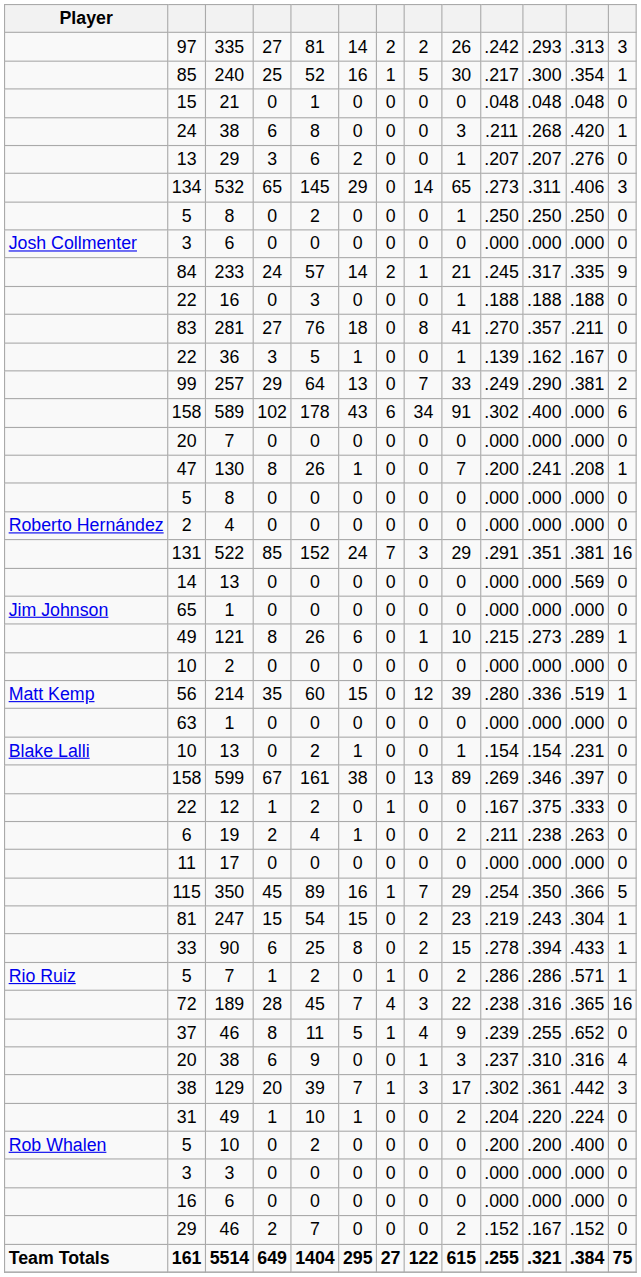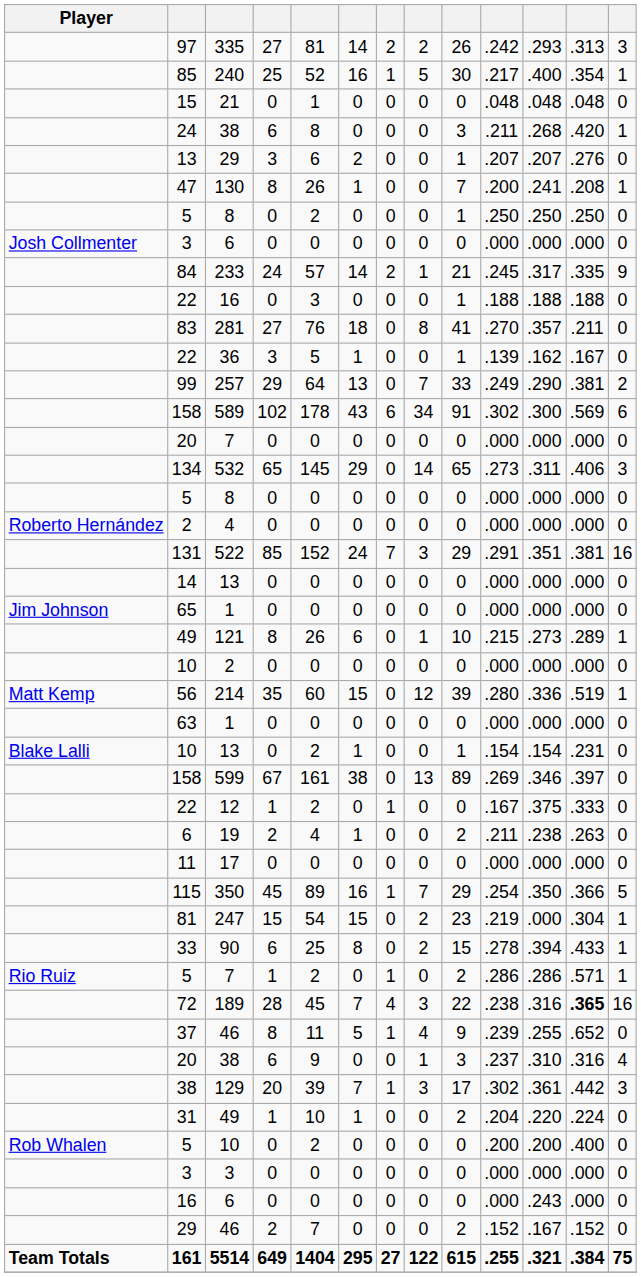 <table class="wikitable sortable" style="text-align:center;">
 <tr>
 <th>Player</th>
 <th></th>
 <th></th>
 <th></th>
 <th></th>
 <th></th>
 <th></th>
 <th></th>
 <th></th>
 <th></th>
 <th></th>
 <th></th>
 <th></th>
 </tr>
 <tr>
 <td align=left></td>
 <td>97</td>
 <td>335</td>
 <td>27</td>
 <td>81</td>
 <td>14</td>
 <td>2</td>
 <td>2</td>
 <td>26</td>
 <td>.242</td>
 <td>.293</td>
 <td>.313</td>
 <td>3</td>
 </tr>
 <tr>
 <td align=left></td>
 <td>85</td>
 <td>240</td>
 <td>25</td>
 <td>52</td>
 <td>16</td>
 <td>1</td>
 <td>5</td>
 <td>30</td>
 <td>.217</td>
-<td>.300</td>
+<td>.400</td>
 <td>.354</td>
 <td>1</td>
 </tr>
 <tr>
 <td align=left></td>
 <td>15</td>
 <td>21</td>
 <td>0</td>
 <td>1</td>
 <td>0</td>
 <td>0</td>
 <td>0</td>
 <td>0</td>
 <td>.048</td>
 <td>.048</td>
 <td>.048</td>
 <td>0</td>
 </tr>
 <tr>
 <td align=left></td>
 <td>24</td>
 <td>38</td>
 <td>6</td>
 <td>8</td>
 <td>0</td>
 <td>0</td>
 <td>0</td>
 <td>3</td>
 <td>.211</td>
 <td>.268</td>
 <td>.420</td>
 <td>1</td>
 </tr>
 <tr>
 <td align=left></td>
 <td>13</td>
 <td>29</td>
 <td>3</td>
 <td>6</td>
 <td>2</td>
 <td>0</td>
 <td>0</td>
 <td>1</td>
 <td>.207</td>
 <td>.207</td>
 <td>.276</td>
 <td>0</td>
 </tr>
 <tr>
 <td align=left></td>
-<td>134</td>
-<td>532</td>
-<td>65</td>
-<td>145</td>
-<td>29</td>
+<td>47</td>
+<td>130</td>
+<td>8</td>
+<td>26</td>
+<td>1</td>
 <td>0</td>
-<td>14</td>
-<td>65</td>
-<td>.273</td>
-<td>.311</td>
-<td>.406</td>
-<td>3</td>
+<td>0</td>
+<td>7</td>
+<td>.200</td>
+<td>.241</td>
+<td>.208</td>
+<td>1</td>
 </tr>
 <tr>
 <td align=left><strong></strong></td>
 <td>5</td>
 <td>8</td>
 <td>0</td>
 <td>2</td>
 <td>0</td>
 <td>0</td>
 <td>0</td>
 <td>1</td>
 <td>.250</td>
 <td>.250</td>
 <td>.250</td>
 <td>0</td>
 </tr>
 <tr>
 <td align=left><a href='#'>Josh Collmenter</a></td>
 <td>3</td>
 <td>6</td>
 <td>0</td>
 <td>0</td>
 <td>0</td>
 <td>0</td>
 <td>0</td>
 <td>0</td>
 <td>.000</td>
 <td>.000</td>
 <td>.000</td>
 <td>0</td>
 </tr>
 <tr>
 <td align=left></td>
 <td>84</td>
 <td>233</td>
 <td>24</td>
 <td>57</td>
 <td>14</td>
 <td>2</td>
 <td>1</td>
 <td>21</td>
 <td>.245</td>
 <td>.317</td>
 <td>.335</td>
 <td>9</td>
 </tr>
 <tr>
 <td align=left></td>
 <td>22</td>
 <td>16</td>
 <td>0</td>
 <td>3</td>
 <td>0</td>
 <td>0</td>
 <td>0</td>
 <td>1</td>
 <td>.188</td>
 <td>.188</td>
 <td>.188</td>
 <td>0</td>
 </tr>
 <tr>
 <td align=left></td>
 <td>83</td>
 <td>281</td>
 <td>27</td>
 <td>76</td>
 <td>18</td>
 <td>0</td>
 <td>8</td>
 <td>41</td>
 <td>.270</td>
 <td>.357</td>
 <td>.211</td>
 <td>0</td>
 </tr>
 <tr>
 <td align=left></td>
 <td>22</td>
 <td>36</td>
 <td>3</td>
 <td>5</td>
 <td>1</td>
 <td>0</td>
 <td>0</td>
 <td>1</td>
 <td>.139</td>
 <td>.162</td>
 <td>.167</td>
 <td>0</td>
 </tr>
 <tr>
 <td align=left></td>
 <td>99</td>
 <td>257</td>
 <td>29</td>
 <td>64</td>
 <td>13</td>
 <td>0</td>
 <td>7</td>
 <td>33</td>
 <td>.249</td>
 <td>.290</td>
 <td>.381</td>
 <td>2</td>
 </tr>
 <tr>
 <td align=left><strong></strong></td>
 <td>158</td>
 <td>589</td>
 <td>102</td>
 <td>178</td>
 <td>43</td>
 <td>6</td>
 <td>34</td>
 <td>91</td>
 <td>.302</td>
-<td>.400</td>
-<td>.000</td>
+<td>.300</td>
+<td>.569</td>
 <td>6</td>
 </tr>
 <tr>
 <td align=left></td>
 <td>20</td>
 <td>7</td>
 <td>0</td>
 <td>0</td>
 <td>0</td>
 <td>0</td>
 <td>0</td>
 <td>0</td>
 <td>.000</td>
 <td>.000</td>
 <td>.000</td>
 <td>0</td>
 </tr>
 <tr>
 <td align=left></td>
-<td>47</td>
-<td>130</td>
-<td>8</td>
-<td>26</td>
-<td>1</td>
+<td>134</td>
+<td>532</td>
+<td>65</td>
+<td>145</td>
+<td>29</td>
 <td>0</td>
-<td>0</td>
-<td>7</td>
-<td>.200</td>
-<td>.241</td>
-<td>.208</td>
-<td>1</td>
+<td>14</td>
+<td>65</td>
+<td>.273</td>
+<td>.311</td>
+<td>.406</td>
+<td>3</td>
 </tr>
 <tr>
 <td align=left></td>
 <td>5</td>
 <td>8</td>
 <td>0</td>
 <td>0</td>
 <td>0</td>
 <td>0</td>
 <td>0</td>
 <td>0</td>
 <td>.000</td>
 <td>.000</td>
 <td>.000</td>
 <td>0</td>
 </tr>
 <tr>
 <td align=left><a href='#'>Roberto Hernández</a></td>
 <td>2</td>
 <td>4</td>
 <td>0</td>
 <td>0</td>
 <td>0</td>
 <td>0</td>
 <td>0</td>
 <td>0</td>
 <td>.000</td>
 <td>.000</td>
 <td>.000</td>
 <td>0</td>
 </tr>
 <tr>
 <td align=left><strong></strong></td>
 <td>131</td>
 <td>522</td>
 <td>85</td>
 <td>152</td>
 <td>24</td>
 <td>7</td>
 <td>3</td>
 <td>29</td>
 <td>.291</td>
 <td>.351</td>
 <td>.381</td>
 <td>16</td>
 </tr>
 <tr>
 <td align=left></td>
 <td>14</td>
 <td>13</td>
 <td>0</td>
 <td>0</td>
 <td>0</td>
 <td>0</td>
 <td>0</td>
 <td>0</td>
 <td>.000</td>
 <td>.000</td>
-<td>.569</td>
+<td>.000</td>
 <td>0</td>
 </tr>
 <tr>
 <td align=left><a href='#'>Jim Johnson</a></td>
 <td>65</td>
 <td>1</td>
 <td>0</td>
 <td>0</td>
 <td>0</td>
 <td>0</td>
 <td>0</td>
 <td>0</td>
 <td>.000</td>
 <td>.000</td>
 <td>.000</td>
 <td>0</td>
 </tr>
 <tr>
 <td align=left></td>
 <td>49</td>
 <td>121</td>
 <td>8</td>
 <td>26</td>
 <td>6</td>
 <td>0</td>
 <td>1</td>
 <td>10</td>
 <td>.215</td>
 <td>.273</td>
 <td>.289</td>
 <td>1</td>
 </tr>
 <tr>
 <td align=left></td>
 <td>10</td>
 <td>2</td>
 <td>0</td>
 <td>0</td>
 <td>0</td>
 <td>0</td>
 <td>0</td>
 <td>0</td>
 <td>.000</td>
 <td>.000</td>
 <td>.000</td>
 <td>0</td>
 </tr>
 <tr>
 <td align=left><a href='#'>Matt Kemp</a></td>
 <td>56</td>
 <td>214</td>
 <td>35</td>
 <td>60</td>
 <td>15</td>
 <td>0</td>
 <td>12</td>
 <td>39</td>
 <td>.280</td>
 <td>.336</td>
 <td>.519</td>
 <td>1</td>
 </tr>
 <tr>
 <td align=left></td>
 <td>63</td>
 <td>1</td>
 <td>0</td>
 <td>0</td>
 <td>0</td>
 <td>0</td>
 <td>0</td>
 <td>0</td>
 <td>.000</td>
 <td>.000</td>
 <td>.000</td>
 <td>0</td>
 </tr>
 <tr>
 <td align=left><a href='#'>Blake Lalli</a></td>
 <td>10</td>
 <td>13</td>
 <td>0</td>
 <td>2</td>
 <td>1</td>
 <td>0</td>
 <td>0</td>
 <td>1</td>
 <td>.154</td>
 <td>.154</td>
 <td>.231</td>
 <td>0</td>
 </tr>
 <tr>
 <td align=left></td>
 <td>158</td>
 <td>599</td>
 <td>67</td>
 <td>161</td>
 <td>38</td>
 <td>0</td>
 <td>13</td>
 <td>89</td>
 <td>.269</td>
 <td>.346</td>
 <td>.397</td>
 <td>0</td>
 </tr>
 <tr>
 <td align=left></td>
 <td>22</td>
 <td>12</td>
 <td>1</td>
 <td>2</td>
 <td>0</td>
 <td>1</td>
 <td>0</td>
 <td>0</td>
 <td>.167</td>
 <td>.375</td>
 <td>.333</td>
 <td>0</td>
 </tr>
 <tr>
 <td align=left></td>
 <td>6</td>
 <td>19</td>
 <td>2</td>
 <td>4</td>
 <td>1</td>
 <td>0</td>
 <td>0</td>
 <td>2</td>
 <td>.211</td>
 <td>.238</td>
 <td>.263</td>
 <td>0</td>
 </tr>
 <tr>
 <td align=left></td>
 <td>11</td>
 <td>17</td>
 <td>0</td>
 <td>0</td>
 <td>0</td>
 <td>0</td>
 <td>0</td>
 <td>0</td>
 <td>.000</td>
 <td>.000</td>
 <td>.000</td>
 <td>0</td>
 </tr>
 <tr>
 <td align=left><strong></strong></td>
 <td>115</td>
 <td>350</td>
 <td>45</td>
 <td>89</td>
 <td>16</td>
 <td>1</td>
 <td>7</td>
 <td>29</td>
 <td>.254</td>
 <td>.350</td>
 <td>.366</td>
 <td>5</td>
 </tr>
 <tr>
 <td align=left></td>
 <td>81</td>
 <td>247</td>
 <td>15</td>
 <td>54</td>
 <td>15</td>
 <td>0</td>
 <td>2</td>
 <td>23</td>
 <td>.219</td>
-<td>.243</td>
+<td>.000</td>
 <td>.304</td>
 <td>1</td>
 </tr>
 <tr>
 <td align=left></td>
 <td>33</td>
 <td>90</td>
 <td>6</td>
 <td>25</td>
 <td>8</td>
 <td>0</td>
 <td>2</td>
 <td>15</td>
 <td>.278</td>
 <td>.394</td>
 <td>.433</td>
 <td>1</td>
 </tr>
 <tr>
 <td align=left><a href='#'>Rio Ruiz</a></td>
 <td>5</td>
 <td>7</td>
 <td>1</td>
 <td>2</td>
 <td>0</td>
 <td>1</td>
 <td>0</td>
 <td>2</td>
 <td>.286</td>
 <td>.286</td>
 <td>.571</td>
 <td>1</td>
 </tr>
 <tr>
 <td align=left></td>
 <td>72</td>
 <td>189</td>
 <td>28</td>
 <td>45</td>
 <td>7</td>
 <td>4</td>
 <td>3</td>
 <td>22</td>
 <td>.238</td>
 <td>.316</td>
-<td>.365</td>
+<td><strong>.365</strong></td>
 <td>16</td>
 </tr>
 <tr>
 <td align=left></td>
 <td>37</td>
 <td>46</td>
 <td>8</td>
 <td>11</td>
 <td>5</td>
 <td>1</td>
 <td>4</td>
 <td>9</td>
 <td>.239</td>
 <td>.255</td>
 <td>.652</td>
 <td>0</td>
 </tr>
 <tr>
 <td align=left></td>
 <td>20</td>
 <td>38</td>
 <td>6</td>
 <td>9</td>
 <td>0</td>
 <td>0</td>
 <td>1</td>
 <td>3</td>
 <td>.237</td>
 <td>.310</td>
 <td>.316</td>
 <td>4</td>
 </tr>
 <tr>
 <td align=left><strong></strong></td>
 <td>38</td>
 <td>129</td>
 <td>20</td>
 <td>39</td>
 <td>7</td>
 <td>1</td>
 <td>3</td>
 <td>17</td>
 <td>.302</td>
 <td>.361</td>
 <td>.442</td>
 <td>3</td>
 </tr>
 <tr>
 <td align=left></td>
 <td>31</td>
 <td>49</td>
 <td>1</td>
 <td>10</td>
 <td>1</td>
 <td>0</td>
 <td>0</td>
 <td>2</td>
 <td>.204</td>
 <td>.220</td>
 <td>.224</td>
 <td>0</td>
 </tr>
 <tr>
 <td align=left><a href='#'>Rob Whalen</a></td>
 <td>5</td>
 <td>10</td>
 <td>0</td>
 <td>2</td>
 <td>0</td>
 <td>0</td>
 <td>0</td>
 <td>0</td>
 <td>.200</td>
 <td>.200</td>
 <td>.400</td>
 <td>0</td>
 </tr>
 <tr>
 <td align=left></td>
 <td>3</td>
 <td>3</td>
 <td>0</td>
 <td>0</td>
 <td>0</td>
 <td>0</td>
 <td>0</td>
 <td>0</td>
 <td>.000</td>
 <td>.000</td>
 <td>.000</td>
 <td>0</td>
 </tr>
 <tr>
 <td align=left><strong></strong></td>
 <td>16</td>
 <td>6</td>
 <td>0</td>
 <td>0</td>
 <td>0</td>
 <td>0</td>
 <td>0</td>
 <td>0</td>
 <td>.000</td>
-<td>.000</td>
+<td>.243</td>
 <td>.000</td>
 <td>0</td>
 </tr>
 <tr>
 <td align=left><strong></strong></td>
 <td>29</td>
 <td>46</td>
 <td>2</td>
 <td>7</td>
 <td>0</td>
 <td>0</td>
 <td>0</td>
 <td>2</td>
 <td>.152</td>
 <td>.167</td>
 <td>.152</td>
 <td>0</td>
 </tr>
 <tr>
 <td align=left><strong>Team Totals</strong></td>
 <td><strong>161</strong></td>
 <td><strong>5514</strong></td>
 <td><strong>649</strong></td>
 <td><strong>1404</strong></td>
 <td><strong>295</strong></td>
 <td><strong>27</strong></td>
 <td><strong>122</strong></td>
 <td><strong>615</strong></td>
 <td><strong>.255</strong></td>
 <td><strong>.321</strong></td>
 <td><strong>.384</strong></td>
 <td><strong>75</strong></td>
 </tr>
 <tr class="sortbottom|}">
 </tr>
 </table>
